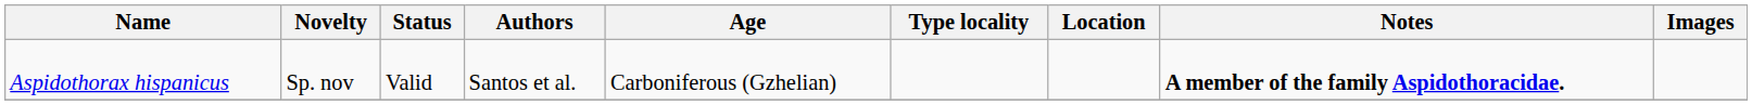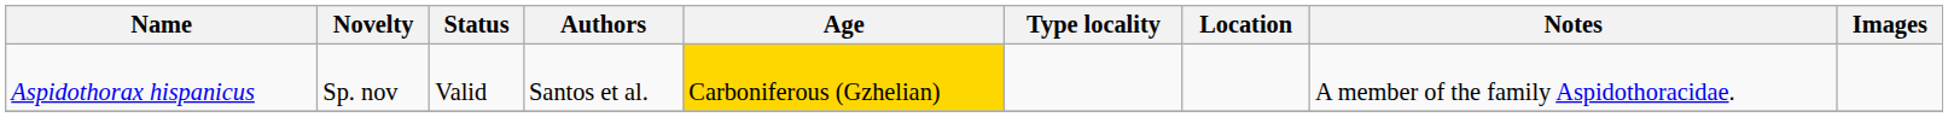 <table class="wikitable sortable" align="center" width="100%">
 <tr>
 <th>Name</th>
 <th>Novelty</th>
 <th>Status</th>
 <th>Authors</th>
 <th>Age</th>
 <th>Type locality</th>
 <th>Location</th>
 <th>Notes</th>
 <th>Images</th>
 </tr>
 <tr>
 <td><br><em><a href='#'>Aspidothorax hispanicus</a></em></td>
 <td><br>Sp. nov</td>
 <td><br>Valid</td>
 <td><br>Santos et al.</td>
-<td><br>Carboniferous (Gzhelian)</td>
+<td style="background: gold;"><br>Carboniferous (Gzhelian)</td>
 <td></td>
 <td><br></td>
-<td><strong><br>A member of the family <a href='#'>Aspidothoracidae</a>.</strong></td>
+<td><br>A member of the family <a href='#'>Aspidothoracidae</a>.</td>
 <td></td>
 </tr>
 <tr>
 </tr>
 </table>
